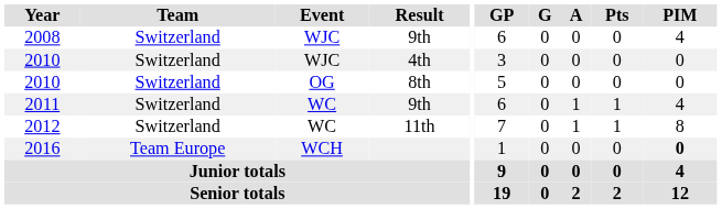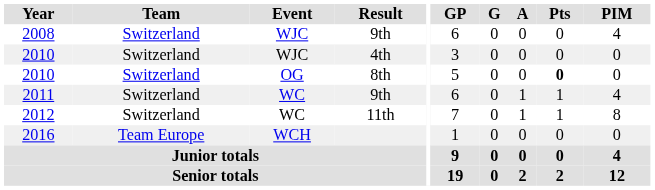 <table border="0" cellpadding="1" cellspacing="0" ID="Table3" style="text-align:center; width:40em">
 <tr ALIGN="center" bgcolor="#e0e0e0">
 <th>Year</th>
 <th>Team</th>
 <th>Event</th>
 <th>Result</th>
 <th rowspan="99" bgcolor="#ffffff"></th>
 <th>GP</th>
 <th>G</th>
 <th>A</th>
 <th>Pts</th>
 <th>PIM</th>
 </tr>
 <tr>
 <td><a href='#'>2008</a></td>
 <td><a href='#'>Switzerland</a></td>
 <td><a href='#'>WJC</a></td>
 <td>9th</td>
 <td>6</td>
 <td>0</td>
 <td>0</td>
 <td>0</td>
 <td>4</td>
 </tr>
 <tr bgcolor="#f0f0f0">
 <td><a href='#'>2010</a></td>
 <td>Switzerland</td>
 <td>WJC</td>
 <td>4th</td>
 <td>3</td>
 <td>0</td>
 <td>0</td>
 <td>0</td>
 <td>0</td>
 </tr>
 <tr>
 <td><a href='#'>2010</a></td>
 <td><a href='#'>Switzerland</a></td>
 <td><a href='#'>OG</a></td>
 <td>8th</td>
 <td>5</td>
 <td>0</td>
 <td>0</td>
-<td>0</td>
+<td><strong>0</strong></td>
 <td>0</td>
 </tr>
 <tr bgcolor="#f0f0f0">
 <td><a href='#'>2011</a></td>
 <td>Switzerland</td>
 <td><a href='#'>WC</a></td>
 <td>9th</td>
 <td>6</td>
 <td>0</td>
 <td>1</td>
 <td>1</td>
 <td>4</td>
 </tr>
 <tr>
 <td><a href='#'>2012</a></td>
 <td>Switzerland</td>
 <td>WC</td>
 <td>11th</td>
 <td>7</td>
 <td>0</td>
 <td>1</td>
 <td>1</td>
 <td>8</td>
 </tr>
 <tr bgcolor="#f0f0f0">
 <td><a href='#'>2016</a></td>
 <td><a href='#'>Team Europe</a></td>
 <td><a href='#'>WCH</a></td>
 <td></td>
 <td>1</td>
 <td>0</td>
 <td>0</td>
 <td>0</td>
-<td><strong>0</strong></td>
+<td>0</td>
 </tr>
 <tr bgcolor="#e0e0e0">
 <th colspan="4">Junior totals</th>
 <th>9</th>
 <th>0</th>
 <th>0</th>
 <th>0</th>
 <th>4</th>
 </tr>
 <tr bgcolor="#e0e0e0">
 <th colspan="4">Senior totals</th>
 <th>19</th>
 <th>0</th>
 <th>2</th>
 <th>2</th>
 <th>12</th>
 </tr>
 </table>
